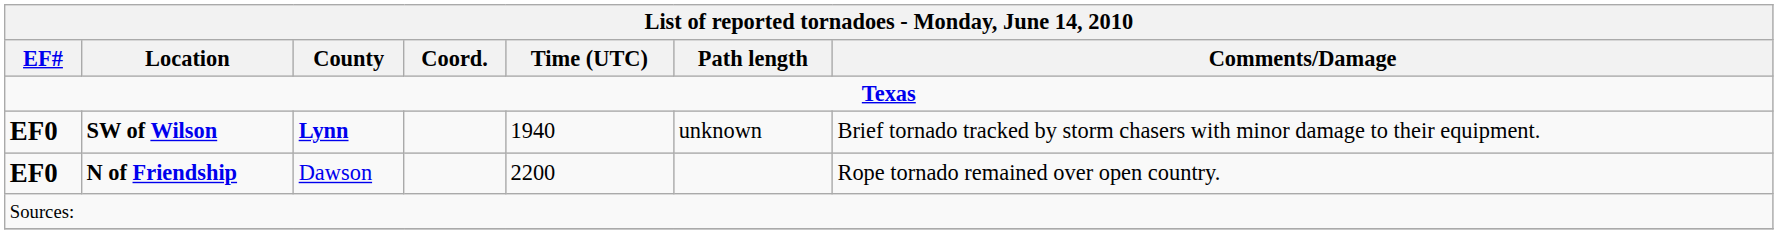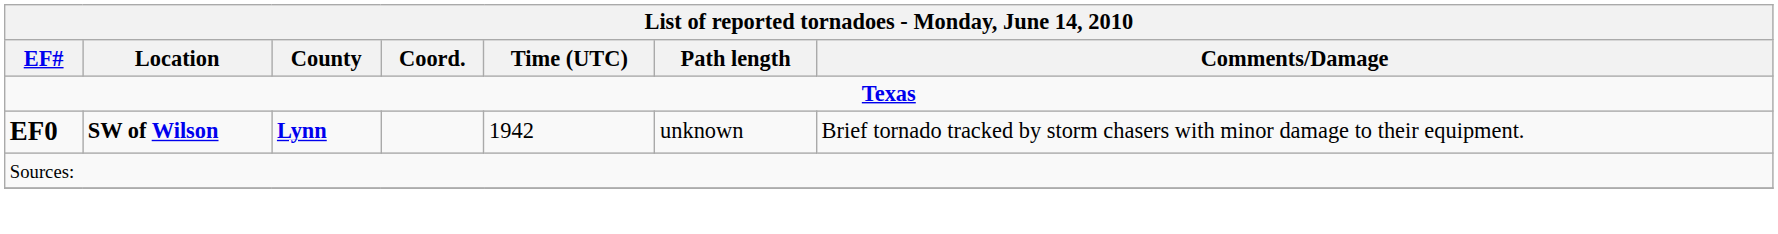 <table class="wikitable collapsible" width="100%">
 <tr>
 <th colspan="7">List of reported tornadoes - Monday, June 14, 2010</th>
 </tr>
 <tr>
 <th><a href='#'>EF#</a></th>
 <th>Location</th>
 <th>County</th>
 <th>Coord.</th>
 <th>Time (UTC)</th>
 <th>Path length</th>
 <th>Comments/Damage</th>
 </tr>
 <tr>
 <td colspan="7" align=center><strong><a href='#'>Texas</a></strong></td>
 </tr>
 <tr>
 <td><big><strong>EF0</strong></big></td>
 <td><strong>SW of <a href='#'>Wilson</a></strong></td>
 <td><strong><a href='#'>Lynn</a></strong></td>
 <td></td>
-<td>1940</td>
+<td>1942</td>
 <td>unknown</td>
 <td>Brief tornado tracked by storm chasers with minor damage to their equipment.</td>
-</tr>
-<tr>
-<td><big><strong>EF0</strong></big></td>
-<td><strong>N of <a href='#'>Friendship</a></strong></td>
-<td><a href='#'>Dawson</a></td>
-<td></td>
-<td>2200</td>
-<td></td>
-<td>Rope tornado remained over open country.</td>
 </tr>
 <tr>
 <td colspan="7"><small>Sources: </small></td>
 </tr>
 <tr>
 </tr>
 </table>
